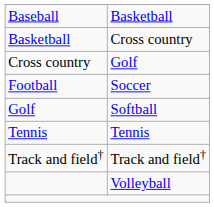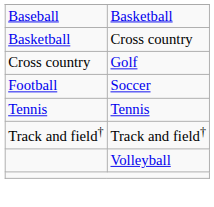 <table class="wikitable" style="float:right; clear:right; margin:0 0 1em 1em;">
 <tr>
 </tr>
 <tr>
 <td><a href='#'>Baseball</a></td>
 <td><a href='#'>Basketball</a></td>
 </tr>
 <tr>
 <td><a href='#'>Basketball</a></td>
 <td>Cross country</td>
 </tr>
 <tr>
 <td>Cross country</td>
 <td><a href='#'>Golf</a></td>
 </tr>
 <tr>
 <td><a href='#'>Football</a></td>
 <td><a href='#'>Soccer</a></td>
 </tr>
 <tr>
-<td><a href='#'>Golf</a></td>
-<td><a href='#'>Softball</a></td>
-</tr>
-<tr>
 <td><a href='#'>Tennis</a></td>
 <td><a href='#'>Tennis</a></td>
 </tr>
 <tr>
 <td>Track and field<sup>†</sup></td>
 <td>Track and field<sup>†</sup></td>
 </tr>
 <tr>
 <td></td>
 <td><a href='#'>Volleyball</a></td>
 </tr>
 <tr>
 <td colspan="2"></td>
 </tr>
 </table>
